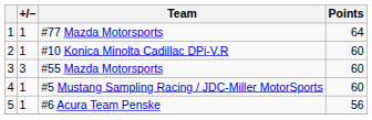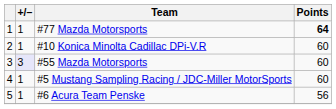 <table class="wikitable" style="font-size: 95%;">
 <tr>
 <th scope="col"></th>
 <th scope="col">+/–</th>
 <th scope="col">Team</th>
 <th scope="col">Points</th>
 </tr>
 <tr>
 <td align=center>1</td>
 <td align="left"> 1</td>
 <td>  #77 <a href='#'>Mazda Motorsports</a></td>
-<td align=right>64</td>
+<td align=right><strong>64</strong></td>
 </tr>
 <tr>
 <td align=center>2</td>
 <td align="left"> 1</td>
 <td> #10 <a href='#'>Konica Minolta Cadillac DPi-V.R</a></td>
 <td align=right>60</td>
 </tr>
 <tr>
 <td align=center>3</td>
-<td align="left"> 3</td>
+<td align="left" style="background: lavender;"> 3</td>
 <td>  #55 <a href='#'>Mazda Motorsports</a></td>
 <td align=right>60</td>
 </tr>
 <tr>
 <td align=center>4</td>
 <td align="left"> 1</td>
 <td> #5 <a href='#'>Mustang Sampling Racing / JDC-Miller MotorSports</a></td>
 <td align=right>60</td>
 </tr>
 <tr>
 <td align=center>5</td>
 <td align="left"> 1</td>
 <td> #6 <a href='#'>Acura Team Penske</a></td>
 <td align=right>56</td>
 </tr>
 <tr>
 </tr>
 </table>
